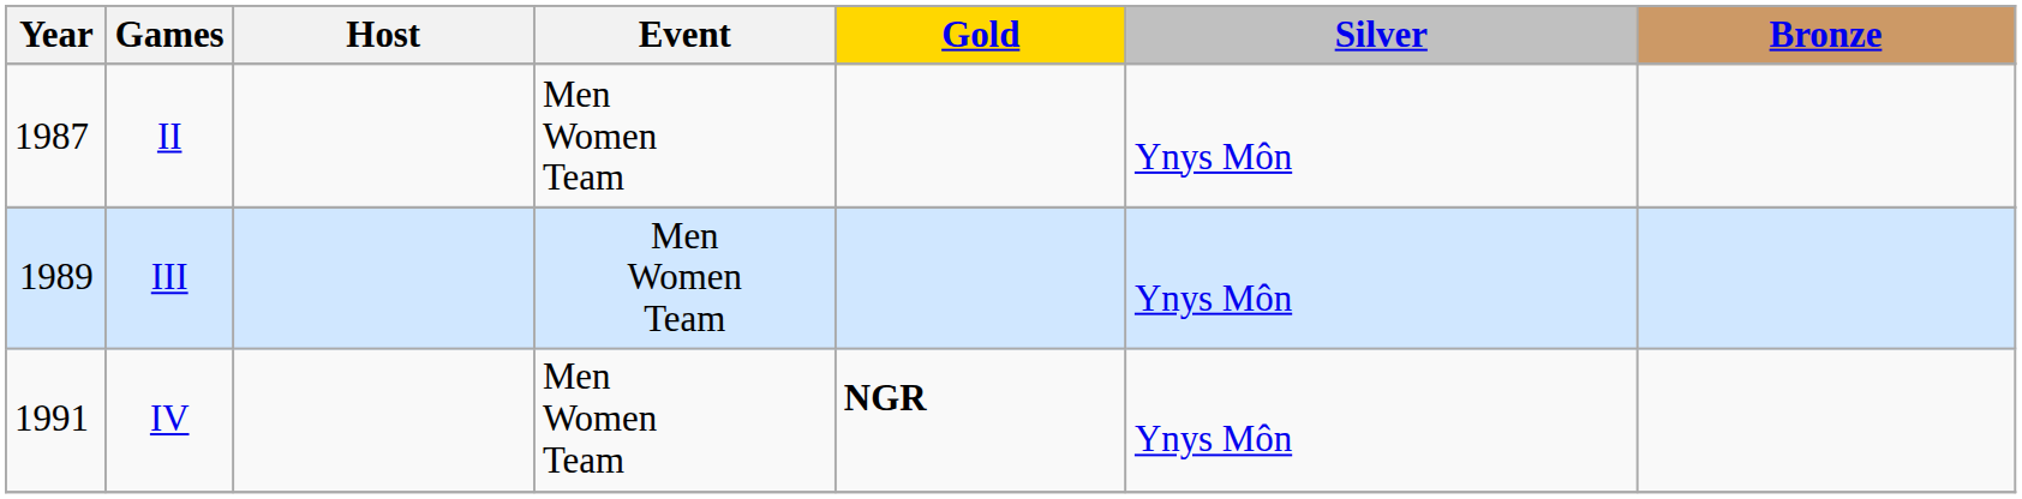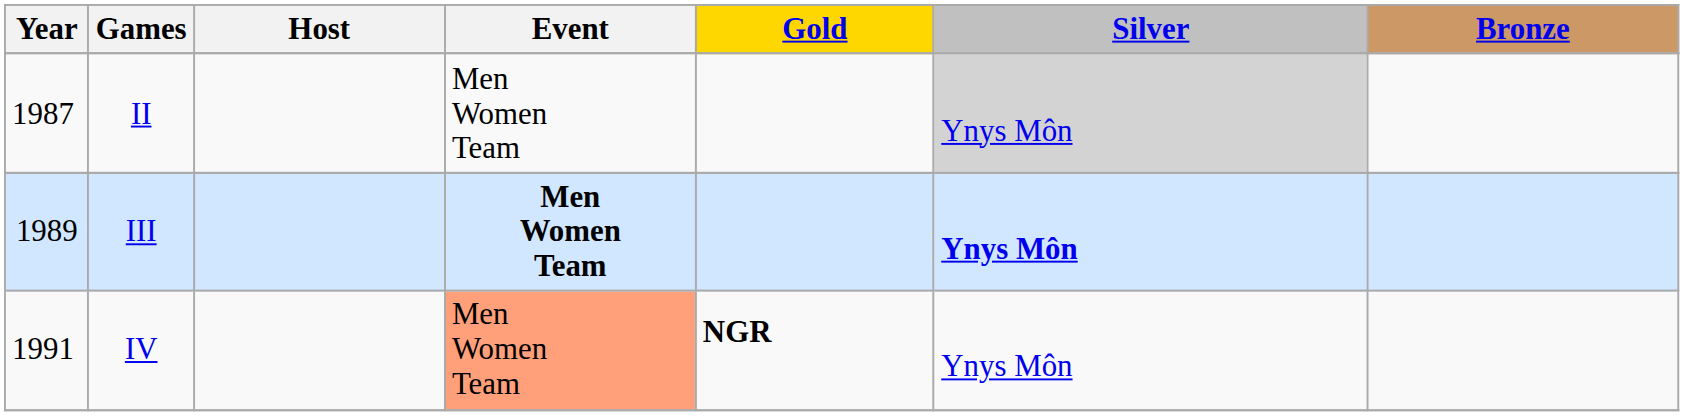 <table class="sortable wikitable collapsible collapsed">
 <tr>
 <th rowspan="2" style="width:5%;">Year</th>
 <th rowspan="2" style="width:5%;">Games</th>
 <th rowspan="2" style="width:15%;">Host</th>
 <th rowspan="2" style="width:15%;">Event</th>
 </tr>
 <tr>
 <th style="background-color: gold"><a href='#'>Gold</a></th>
 <th style="background-color: silver"><a href='#'>Silver</a></th>
 <th style="background-color: #CC9966"><a href='#'>Bronze</a></th>
 </tr>
 <tr>
 </tr>
 <tr>
 <td>1987</td>
 <td align=center><a href='#'>II</a></td>
 <td align="left"></td>
 <td>Men <br> Women <br> Team</td>
 <td align="left"> <br>  <br> </td>
-<td align="left"> <br>  <a href='#'>Ynys Môn</a> <br> </td>
+<td align="left" style="background: lightgrey;"> <br>  <a href='#'>Ynys Môn</a> <br> </td>
 <td align="left"> <br>  <br> </td>
 </tr>
 <tr>
 </tr>
 <tr style="text-align:center; background:#d0e7ff;">
 <td>1989</td>
 <td align=center><a href='#'>III</a></td>
 <td align="left"></td>
-<td>Men <br> Women <br> Team</td>
+<td><strong>Men <br> Women <br> Team</strong></td>
 <td align="left"> <br>  <br> </td>
-<td align="left"> <br>  <a href='#'>Ynys Môn</a> <br> </td>
+<td align="left"><strong> <br>  <a href='#'>Ynys Môn</a> <br> </strong></td>
 <td align="left"> <br>  <br> </td>
 </tr>
 <tr>
 <td>1991</td>
 <td align=center><a href='#'>IV</a></td>
 <td align="left"></td>
-<td>Men <br> Women <br> Team</td>
+<td style="background: lightsalmon;">Men <br> Women <br> Team</td>
 <td align="left"> <strong>NGR</strong> <br>  <br> </td>
 <td align="left"> <br>  <a href='#'>Ynys Môn</a> <br> </td>
 <td align="left"> <br>  <br> </td>
 </tr>
 <tr>
 </tr>
 </table>
